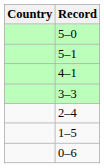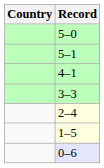 <table class="wikitable">
 <tr>
 <th>Country</th>
 <th>Record</th>
 </tr>
 <tr bgcolor=#bbffbb>
 <td><strong></strong></td>
 <td>5–0</td>
 </tr>
 <tr bgcolor=#bbffbb>
 <td><strong></strong></td>
 <td>5–1</td>
 </tr>
 <tr bgcolor=#bbffbb>
 <td><strong></strong></td>
 <td>4–1</td>
 </tr>
 <tr bgcolor=#bbffbb>
 <td><strong></strong></td>
 <td>3–3</td>
 </tr>
 <tr>
 <td><strong></strong></td>
-<td>2–4</td>
+<td style="background: lightyellow;">2–4</td>
 </tr>
 <tr>
 <td><strong></strong></td>
-<td>1–5</td>
+<td style="background: lightyellow;">1–5</td>
 </tr>
 <tr>
 <td><strong></strong></td>
-<td>0–6</td>
+<td style="background: lavender;">0–6</td>
 </tr>
 </table>
